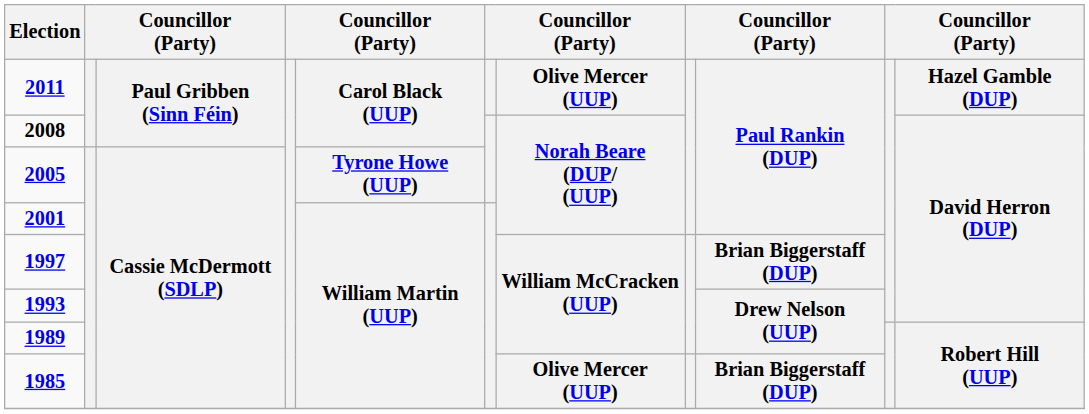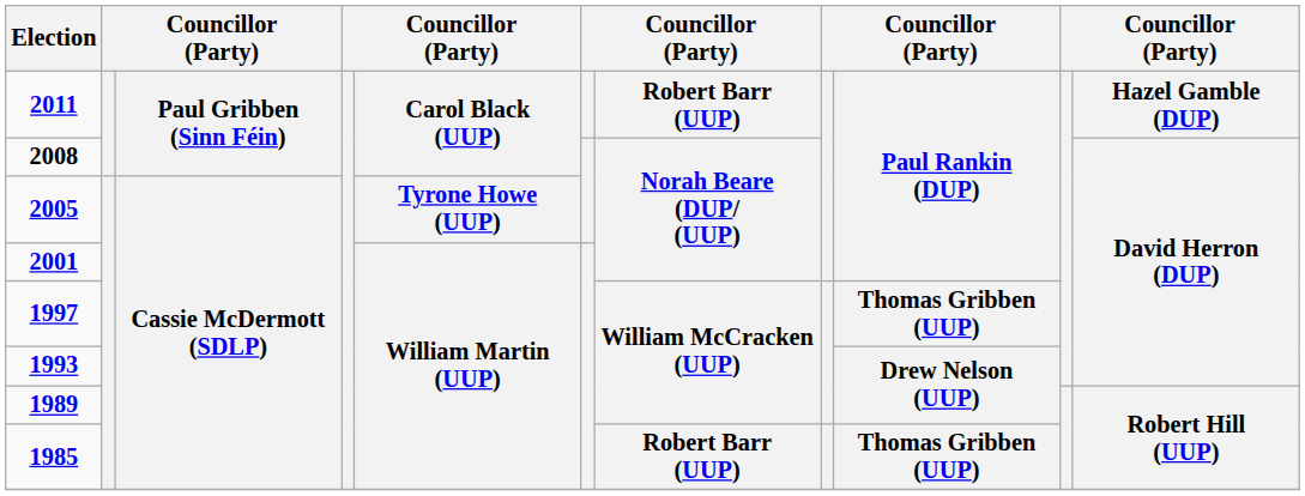 <table class="wikitable" style="text-align:center">
 <tr>
 <th scope="col" width="50">Election</th>
 <th scope="col" width="150" colspan = "2">Councillor<br> (Party)</th>
 <th scope="col" width="150" colspan = "2">Councillor<br> (Party)</th>
 <th scope="col" width="150" colspan = "2">Councillor<br> (Party)</th>
 <th scope="col" width="150" colspan = "2">Councillor<br> (Party)</th>
 <th scope="col" width="150" colspan = "2">Councillor<br> (Party)</th>
 </tr>
 <tr>
 <td><strong><a href='#'>2011</a></strong></td>
 <th rowspan="2" width="1" style="background-color: "></th>
 <th rowspan = "2">Paul Gribben <br> (<a href='#'>Sinn Féin</a>)</th>
 <th rowspan="8" width="1" style="background-color: "></th>
 <th rowspan = "2">Carol Black <br> (<a href='#'>UUP</a>)</th>
 <th rowspan="1" width="1" style="background-color: "></th>
-<th rowspan = "1">Olive Mercer <br> (<a href='#'>UUP</a>)</th>
+<th rowspan = "1">Robert Barr <br> (<a href='#'>UUP</a>)</th>
 <th rowspan="4" width="1" style="background-color: "></th>
 <th rowspan = "4"><a href='#'>Paul Rankin</a> <br> (<a href='#'>DUP</a>)</th>
 <th rowspan="6" width="1" style="background-color: "></th>
 <th rowspan = "1">Hazel Gamble <br> (<a href='#'>DUP</a>)</th>
 </tr>
 <tr>
 <td><strong>2008</strong></td>
 <th rowspan="2" width="1" style="background-color: "></th>
 <th rowspan = "3"><a href='#'>Norah Beare</a> <br> (<a href='#'>DUP</a>/ <br> (<a href='#'>UUP</a>)</th>
 <th rowspan = "5">David Herron <br> (<a href='#'>DUP</a>)</th>
 </tr>
 <tr>
 <td><strong><a href='#'>2005</a></strong></td>
 <th rowspan="6" width="1" style="background-color: "></th>
 <th rowspan = "6">Cassie McDermott <br> (<a href='#'>SDLP</a>)</th>
 <th rowspan = "1"><a href='#'>Tyrone Howe</a> <br> (<a href='#'>UUP</a>)</th>
 </tr>
 <tr>
 <td><strong><a href='#'>2001</a></strong></td>
 <th rowspan = "5">William Martin <br> (<a href='#'>UUP</a>)</th>
 <th rowspan="5" width="1" style="background-color: "></th>
 </tr>
 <tr>
 <td><strong><a href='#'>1997</a></strong></td>
 <th rowspan = "3">William McCracken <br> (<a href='#'>UUP</a>)</th>
 <th rowspan="3" width="1" style="background-color: "></th>
-<th rowspan = "1">Brian Biggerstaff <br> (<a href='#'>DUP</a>)</th>
+<th rowspan = "1">Thomas Gribben <br> (<a href='#'>UUP</a>)</th>
 </tr>
 <tr>
 <td><strong><a href='#'>1993</a></strong></td>
 <th rowspan = "2">Drew Nelson <br> (<a href='#'>UUP</a>)</th>
 </tr>
 <tr>
 <td><strong><a href='#'>1989</a></strong></td>
 <th rowspan="2" width="1" style="background-color: "></th>
 <th rowspan = "2">Robert Hill <br> (<a href='#'>UUP</a>)</th>
 </tr>
 <tr>
 <td><strong><a href='#'>1985</a></strong></td>
-<th rowspan = "1">Olive Mercer <br> (<a href='#'>UUP</a>)</th>
+<th rowspan = "1">Robert Barr <br> (<a href='#'>UUP</a>)</th>
 <th rowspan="1" width="1" style="background-color: "></th>
-<th rowspan = "1">Brian Biggerstaff <br> (<a href='#'>DUP</a>)</th>
+<th rowspan = "1">Thomas Gribben <br> (<a href='#'>UUP</a>)</th>
 </tr>
 <tr>
 </tr>
 </table>
